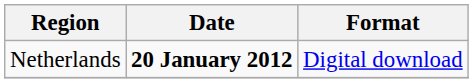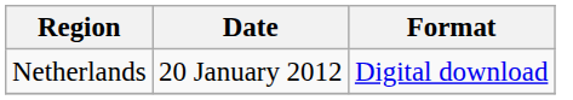 <table class="wikitable">
 <tr>
 <th>Region</th>
 <th>Date</th>
 <th>Format</th>
 </tr>
 <tr>
 <td>Netherlands</td>
-<td rowspan="1"><strong>20 January 2012</strong></td>
+<td rowspan="1">20 January 2012</td>
 <td rowspan="1"><a href='#'>Digital download</a></td>
 </tr>
 <tr>
 </tr>
 </table>
